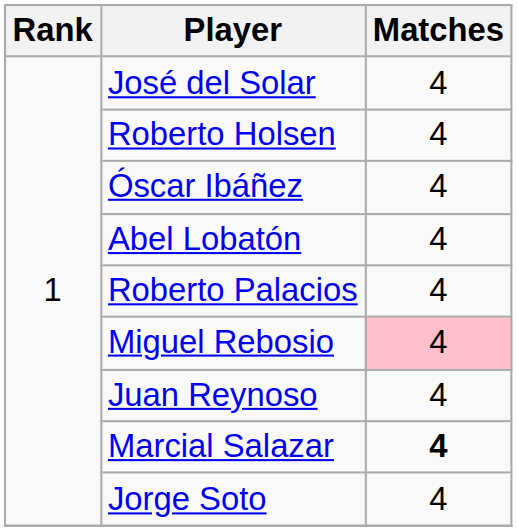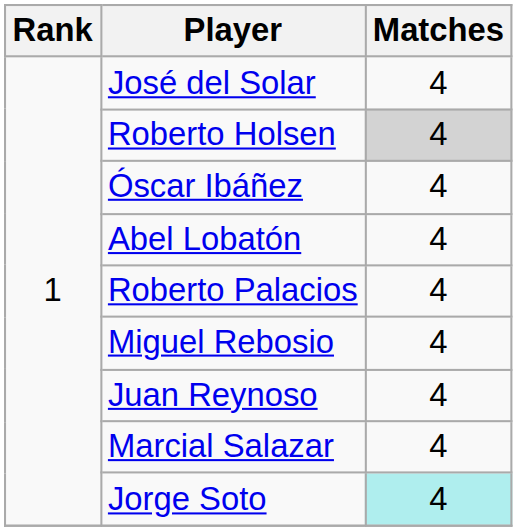 <table class="wikitable" style="text-align: left;">
 <tr>
 <th>Rank</th>
 <th>Player</th>
 <th>Matches</th>
 </tr>
 <tr>
 <td rowspan=9 align=center>1</td>
 <td><a href='#'>José del Solar</a></td>
 <td align=center>4</td>
 </tr>
 <tr>
 <td><a href='#'>Roberto Holsen</a></td>
-<td align=center>4</td>
+<td align=center style="background: lightgrey;">4</td>
 </tr>
 <tr>
 <td><a href='#'>Óscar Ibáñez</a></td>
 <td align=center>4</td>
 </tr>
 <tr>
 <td><a href='#'>Abel Lobatón</a></td>
 <td align=center>4</td>
 </tr>
 <tr>
 <td><a href='#'>Roberto Palacios</a></td>
 <td align=center>4</td>
 </tr>
 <tr>
 <td><a href='#'>Miguel Rebosio</a></td>
-<td align=center style="background: pink;">4</td>
+<td align=center>4</td>
 </tr>
 <tr>
 <td><a href='#'>Juan Reynoso</a></td>
 <td align=center>4</td>
 </tr>
 <tr>
 <td><a href='#'>Marcial Salazar</a></td>
-<td align=center><strong>4</strong></td>
+<td align=center>4</td>
 </tr>
 <tr>
 <td><a href='#'>Jorge Soto</a></td>
-<td align=center>4</td>
+<td align=center style="background: paleturquoise;">4</td>
 </tr>
 <tr>
 </tr>
 </table>
